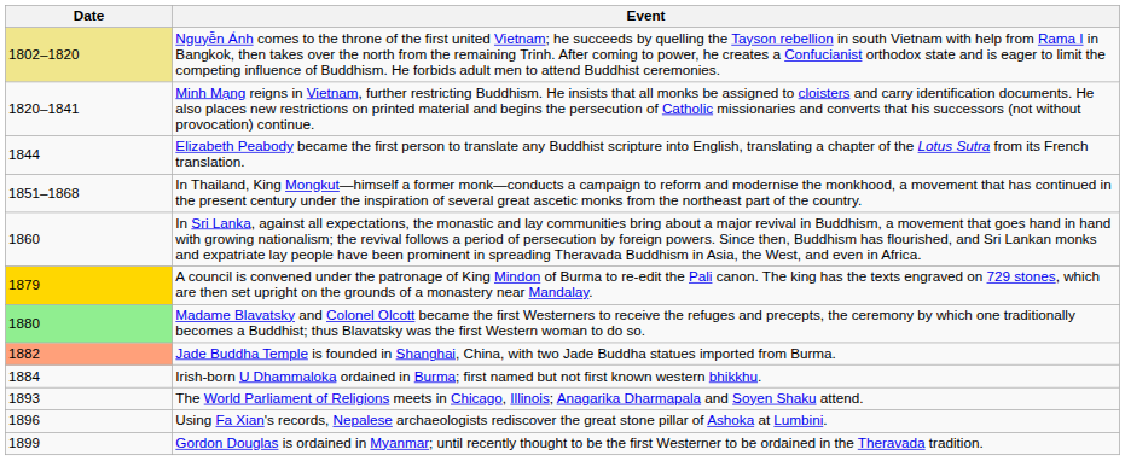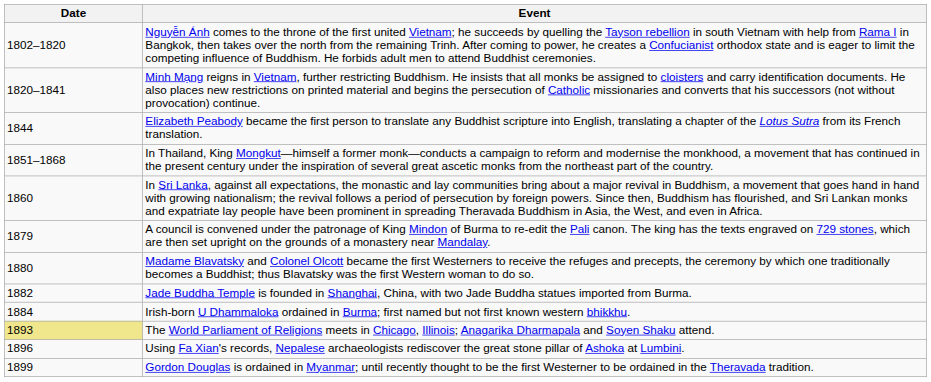 <table class="wikitable" width="100%">
 <tr>
 <th style="width:15%">Date</th>
 <th>Event</th>
 </tr>
 <tr>
-<td style="background: khaki;">1802–1820</td>
+<td>1802–1820</td>
 <td><a href='#'>Nguyễn Ánh</a> comes to the throne of the first united <a href='#'>Vietnam</a>; he succeeds by quelling the <a href='#'>Tayson rebellion</a> in south Vietnam with help from <a href='#'>Rama I</a> in Bangkok, then takes over the north from the remaining Trinh. After coming to power, he creates a <a href='#'>Confucianist</a> orthodox state and is eager to limit the competing influence of Buddhism. He forbids adult men to attend Buddhist ceremonies.</td>
 </tr>
 <tr>
 <td>1820–1841</td>
 <td><a href='#'>Minh Mạng</a> reigns in <a href='#'>Vietnam</a>, further restricting Buddhism. He insists that all monks be assigned to <a href='#'>cloisters</a> and carry identification documents. He also places new restrictions on printed material and begins the persecution of <a href='#'>Catholic</a> missionaries and converts that his successors (not without provocation) continue.</td>
 </tr>
 <tr>
 <td>1844</td>
 <td><a href='#'>Elizabeth Peabody</a> became the first person to translate any Buddhist scripture into English, translating a chapter of the <em><a href='#'>Lotus Sutra</a></em> from its French translation.</td>
 </tr>
 <tr>
 <td>1851–1868</td>
 <td>In Thailand, King <a href='#'>Mongkut</a>—himself a former monk—conducts a campaign to reform and modernise the monkhood, a movement that has continued in the present century under the inspiration of several great ascetic monks from the northeast part of the country.</td>
 </tr>
 <tr>
 <td>1860</td>
 <td>In <a href='#'>Sri Lanka</a>, against all expectations, the monastic and lay communities bring about a major revival in Buddhism, a movement that goes hand in hand with growing nationalism; the revival follows a period of persecution by foreign powers. Since then, Buddhism has flourished, and Sri Lankan monks and expatriate lay people have been prominent in spreading Theravada Buddhism in Asia, the West, and even in Africa.</td>
 </tr>
 <tr>
-<td style="background: gold;">1879</td>
+<td>1879</td>
 <td>A council is convened under the patronage of King <a href='#'>Mindon</a> of Burma to re-edit the <a href='#'>Pali</a> canon. The king has the texts engraved on <a href='#'>729 stones</a>, which are then set upright on the grounds of a monastery near <a href='#'>Mandalay</a>.</td>
 </tr>
 <tr>
-<td style="background: lightgreen;">1880</td>
+<td>1880</td>
 <td><a href='#'>Madame Blavatsky</a> and <a href='#'>Colonel Olcott</a> became the first Westerners to receive the refuges and precepts, the ceremony by which one traditionally becomes a Buddhist; thus Blavatsky was the first Western woman to do so.</td>
 </tr>
 <tr>
-<td style="background: lightsalmon;">1882</td>
+<td>1882</td>
 <td><a href='#'>Jade Buddha Temple</a> is founded in <a href='#'>Shanghai</a>, China, with two Jade Buddha statues imported from Burma.</td>
 </tr>
 <tr>
 <td>1884</td>
 <td>Irish-born <a href='#'>U Dhammaloka</a> ordained in <a href='#'>Burma</a>; first named but not first known western <a href='#'>bhikkhu</a>.</td>
 </tr>
 <tr>
-<td>1893</td>
+<td style="background: khaki;">1893</td>
 <td>The <a href='#'>World Parliament of Religions</a> meets in <a href='#'>Chicago</a>, <a href='#'>Illinois</a>; <a href='#'>Anagarika Dharmapala</a> and <a href='#'>Soyen Shaku</a> attend.</td>
 </tr>
 <tr>
 <td>1896</td>
 <td>Using <a href='#'>Fa Xian</a>'s records, <a href='#'>Nepalese</a> archaeologists rediscover the great stone pillar of <a href='#'>Ashoka</a> at <a href='#'>Lumbini</a>.</td>
 </tr>
 <tr>
 <td>1899</td>
 <td><a href='#'>Gordon Douglas</a> is ordained in <a href='#'>Myanmar</a>; until recently thought to be the first Westerner to be ordained in the <a href='#'>Theravada</a> tradition.</td>
 </tr>
 </table>
